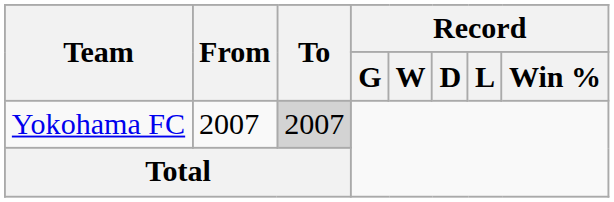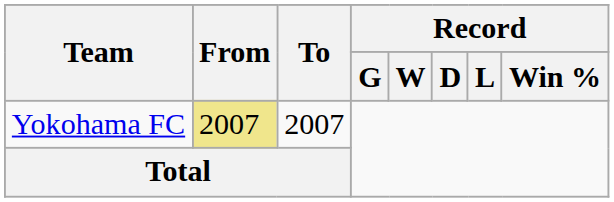 <table class="wikitable" style="text-align: center">
 <tr>
 <th rowspan="2">Team</th>
 <th rowspan="2">From</th>
 <th rowspan="2">To</th>
 <th colspan="5">Record</th>
 </tr>
 <tr>
 <th>G</th>
 <th>W</th>
 <th>D</th>
 <th>L</th>
 <th>Win %</th>
 </tr>
 <tr>
 <td align="left"><a href='#'>Yokohama FC</a></td>
-<td align="left">2007</td>
-<td align="left" style="background: lightgrey;">2007<br></td>
+<td align="left" style="background: khaki;">2007</td>
+<td align="left">2007<br></td>
 </tr>
 <tr>
 <th colspan="3">Total<br></th>
 </tr>
 </table>
